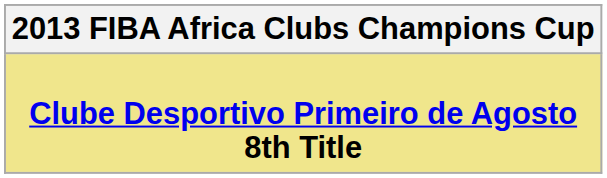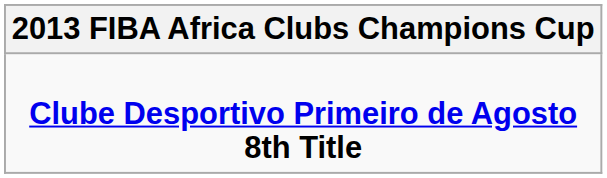 <table class=wikitable style="text-align:center; margin:auto">
 <tr>
 <th>2013 FIBA Africa Clubs Champions Cup</th>
 </tr>
 <tr>
-<td style="background: khaki;"><br><strong><a href='#'>Clube Desportivo Primeiro de Agosto</a></strong><br><strong>8th Title</strong></td>
+<td><br><strong><a href='#'>Clube Desportivo Primeiro de Agosto</a></strong><br><strong>8th Title</strong></td>
 </tr>
 </table>
